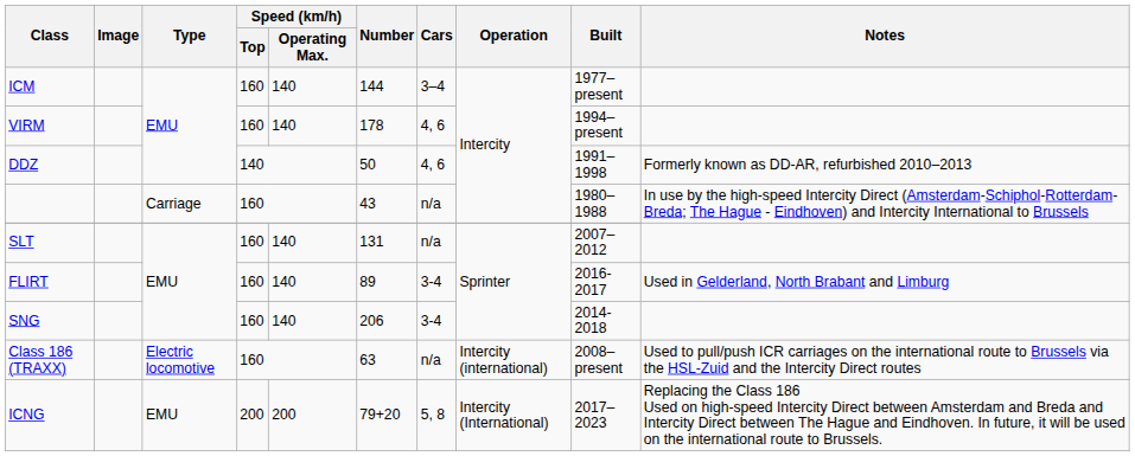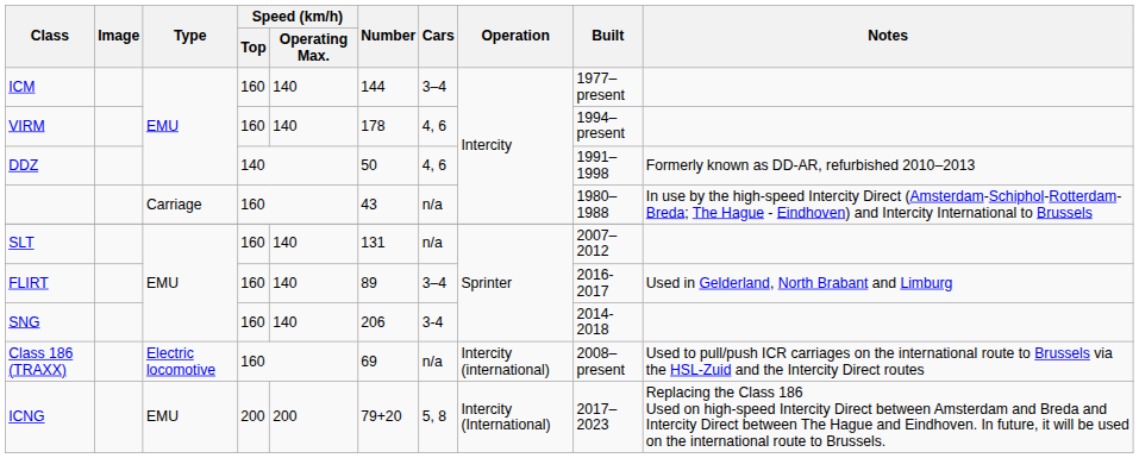 <table class="wikitable">
 <tr>
 <th rowspan="2">Class</th>
 <th rowspan="2">Image</th>
 <th rowspan="2">Type</th>
 <th colspan="2">Speed (km/h)</th>
 <th rowspan="2">Number</th>
 <th rowspan="2">Cars</th>
 <th rowspan="2">Operation</th>
 <th rowspan="2">Built</th>
 <th rowspan="2">Notes</th>
 </tr>
 <tr bgcolor=#f9f9f9>
 <th>Top</th>
 <th>Operating Max.</th>
 </tr>
 <tr>
 <td><a href='#'>ICM</a></td>
 <td></td>
 <td rowspan="3"><a href='#'>EMU</a></td>
 <td>160</td>
 <td>140</td>
 <td>144</td>
 <td>3–4</td>
 <td rowspan="4">Intercity</td>
 <td>1977–present</td>
 <td></td>
 </tr>
 <tr>
 <td><a href='#'>VIRM</a></td>
 <td></td>
 <td>160</td>
 <td>140</td>
 <td>178</td>
 <td>4, 6</td>
 <td>1994–present</td>
 <td></td>
 </tr>
 <tr>
 <td><a href='#'>DDZ</a></td>
 <td></td>
 <td colspan="2">140</td>
 <td>50</td>
 <td>4, 6</td>
 <td>1991–1998</td>
 <td>Formerly known as DD-AR, refurbished 2010–2013</td>
 </tr>
 <tr>
 <td></td>
 <td></td>
 <td>Carriage</td>
 <td colspan="2">160</td>
 <td>43</td>
 <td>n/a</td>
 <td>1980–1988</td>
 <td>In use by the high-speed Intercity Direct (<a href='#'>Amsterdam</a>-<a href='#'>Schiphol</a>-<a href='#'>Rotterdam</a>-<a href='#'>Breda</a>; <a href='#'>The Hague</a> - <a href='#'>Eindhoven</a>) and Intercity International to <a href='#'>Brussels</a></td>
 </tr>
 <tr>
 </tr>
 <tr>
 <td><a href='#'>SLT</a></td>
 <td></td>
 <td rowspan="3">EMU</td>
 <td>160</td>
 <td>140</td>
 <td>131</td>
 <td>n/a</td>
 <td rowspan="3">Sprinter</td>
 <td>2007–2012</td>
 </tr>
 <tr>
 <td><a href='#'>FLIRT</a></td>
 <td></td>
 <td>160</td>
 <td>140</td>
 <td>89</td>
-<td>3-4</td>
+<td>3–4</td>
 <td>2016-2017</td>
 <td>Used in <a href='#'>Gelderland</a>, <a href='#'>North Brabant</a> and <a href='#'>Limburg</a></td>
 </tr>
 <tr>
 <td><a href='#'>SNG</a></td>
 <td></td>
 <td>160</td>
 <td>140</td>
 <td>206</td>
 <td>3-4</td>
 <td>2014-2018</td>
 <td></td>
 </tr>
 <tr>
 <td><a href='#'>Class 186 (TRAXX)</a></td>
 <td></td>
 <td><a href='#'>Electric locomotive</a></td>
 <td colspan="2">160</td>
-<td>63</td>
+<td>69</td>
 <td>n/a</td>
 <td>Intercity (international)</td>
 <td>2008–present</td>
 <td>Used to pull/push ICR carriages on the international route to <a href='#'>Brussels</a> via the <a href='#'>HSL-Zuid</a> and the Intercity Direct routes</td>
 </tr>
 <tr>
 <td><a href='#'>ICNG</a></td>
 <td></td>
 <td>EMU</td>
 <td>200</td>
 <td>200</td>
 <td>79+20</td>
 <td>5, 8</td>
 <td>Intercity<br>(International)</td>
 <td>2017–2023</td>
 <td>Replacing the Class 186<br>Used on high-speed Intercity Direct between Amsterdam and Breda and Intercity Direct between The Hague and Eindhoven. In future, it will be used on the international route to Brussels.</td>
 </tr>
 </table>
